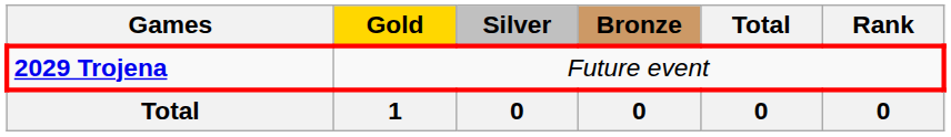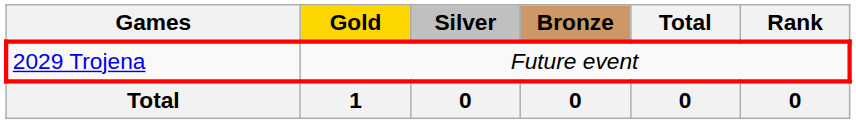 <table class="wikitable sortable" style="text-align:center;">
 <tr>
 <th width=200>Games</th>
 <td bgcolor=gold width=70><strong>Gold</strong></td>
 <td bgcolor=silver width=70><strong>Silver</strong></td>
 <td bgcolor=#cc9966 width=70><strong>Bronze</strong></td>
 <th width=70>Total</th>
 <th width=70>Rank</th>
 </tr>
 <tr class="sortbottom" style="border: 3px solid red">
-<td align=left><strong> <a href='#'>2029 Trojena</a></strong></td>
+<td align=left> <a href='#'>2029 Trojena</a></td>
 <td colspan=5><em>Future event</em></td>
 </tr>
 <tr>
 <th>Total</th>
 <th>1</th>
 <th>0</th>
 <th>0</th>
 <th>0</th>
 <th>0</th>
 </tr>
 </table>
